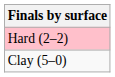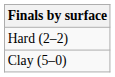 <table class=wikitable style="font-size:90%">
 <tr>
 <th>Finals by surface</th>
 </tr>
 <tr>
-<td style="background: pink;">Hard (2–2)</td>
+<td>Hard (2–2)</td>
 </tr>
 <tr>
 <td>Clay (5–0)</td>
 </tr>
 </table>
